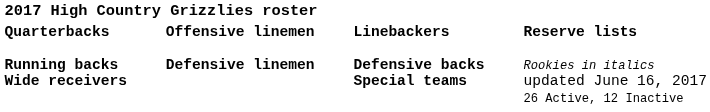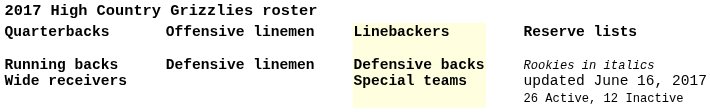 <table class="toccolours" style="text-align: left;">
 <tr>
 <th colspan="7"><strong>2017 High Country Grizzlies roster</strong></th>
 </tr>
 <tr>
 <td style="font-size: 95%;vertical-align:top;"><strong>Quarterbacks</strong><br> <br><strong>Running backs</strong> <br><strong>Wide receivers</strong>    </td>
 <td style="width: 25px;"></td>
 <td style="font-size: 95%;vertical-align:top;"><strong>Offensive linemen</strong><br>   <br><strong>Defensive linemen</strong>      </td>
 <td style="width: 25px;"></td>
-<td style="font-size: 95%;vertical-align:top;"><strong>Linebackers</strong><br> <br><strong>Defensive backs</strong>      <br><strong>Special teams</strong> </td>
+<td style="background: lightyellow; font-size: 95%;vertical-align:top;"><strong>Linebackers</strong><br> <br><strong>Defensive backs</strong>      <br><strong>Special teams</strong> </td>
 <td style="width: 25px;"></td>
 <td style="font-size: 95%;vertical-align:top;"><strong>Reserve lists</strong><br>           <br><small><em>Rookies in italics</em></small><br>  updated June 16, 2017<br> <small>26 Active, 12 Inactive</small></td>
 </tr>
 <tr>
 </tr>
 </table>
